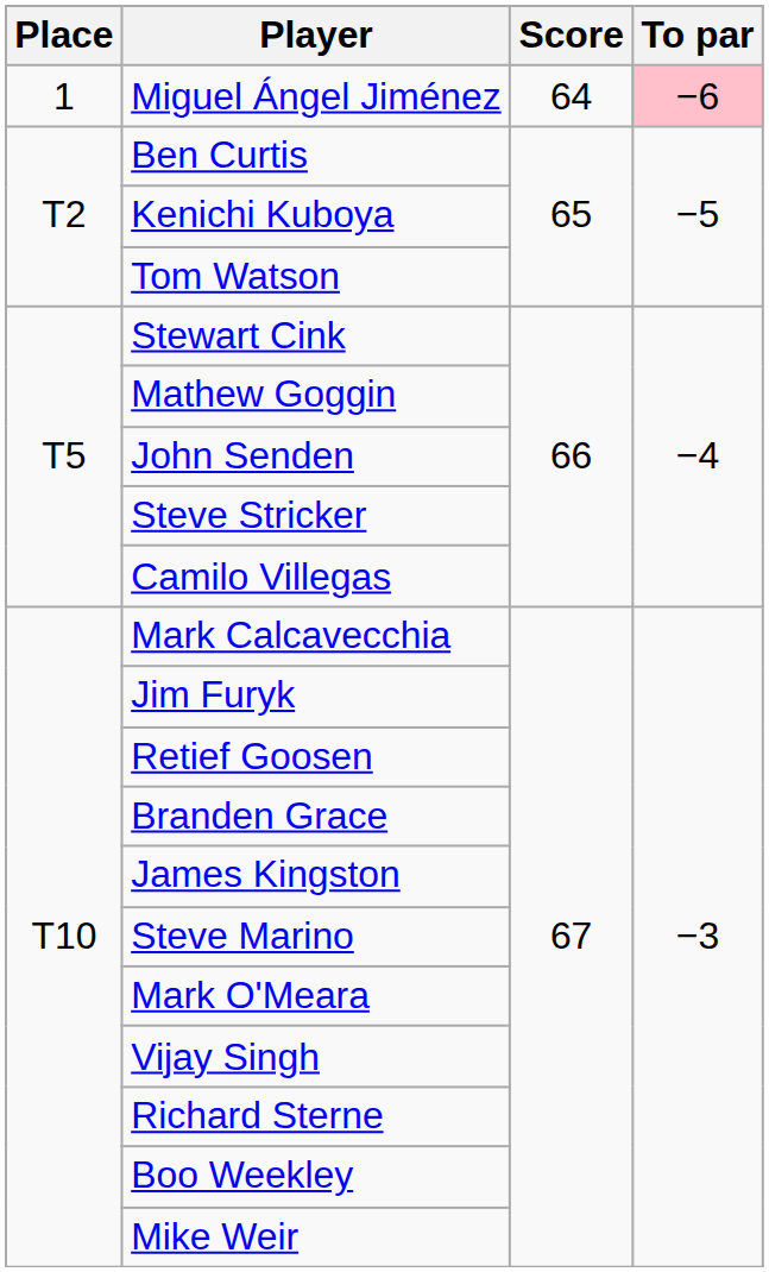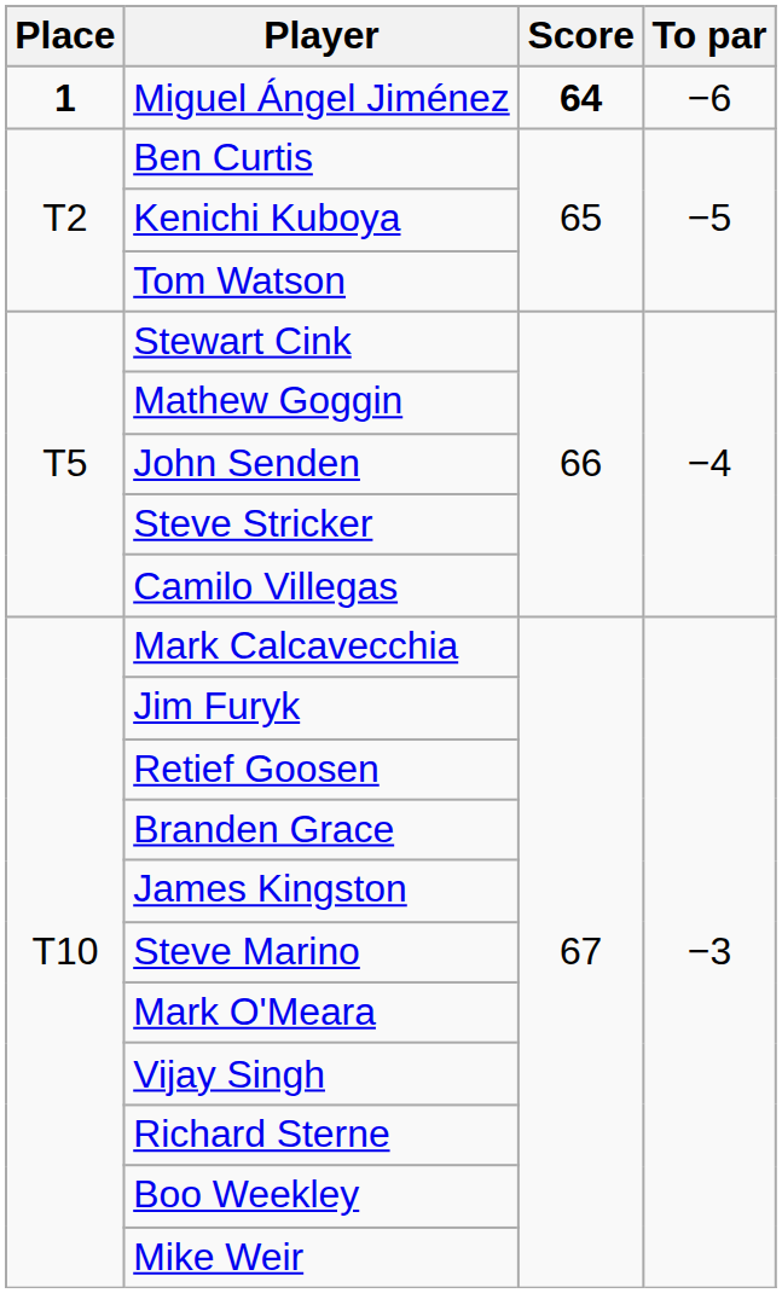 <table class="wikitable">
 <tr>
 <th>Place</th>
 <th>Player</th>
 <th>Score</th>
 <th>To par</th>
 </tr>
 <tr>
-<td align=center>1</td>
+<td align=center><strong>1</strong></td>
 <td> <a href='#'>Miguel Ángel Jiménez</a></td>
-<td align=center>64</td>
-<td rowspan="1" align=center style="background: pink;">−6</td>
+<td align=center><strong>64</strong></td>
+<td rowspan="1" align=center>−6</td>
 </tr>
 <tr>
 <td rowspan="3" align=center>T2</td>
 <td> <a href='#'>Ben Curtis</a></td>
 <td rowspan="3" align=center>65</td>
 <td rowspan="3" align=center>−5</td>
 </tr>
 <tr>
 <td> <a href='#'>Kenichi Kuboya</a></td>
 </tr>
 <tr>
 <td> <a href='#'>Tom Watson</a></td>
 </tr>
 <tr>
 <td rowspan="5" align=center>T5</td>
 <td> <a href='#'>Stewart Cink</a></td>
 <td rowspan="5" align=center>66</td>
 <td rowspan="5" align=center>−4</td>
 </tr>
 <tr>
 <td> <a href='#'>Mathew Goggin</a></td>
 </tr>
 <tr>
 <td> <a href='#'>John Senden</a></td>
 </tr>
 <tr>
 <td> <a href='#'>Steve Stricker</a></td>
 </tr>
 <tr>
 <td> <a href='#'>Camilo Villegas</a></td>
 </tr>
 <tr>
 <td rowspan="11" align=center>T10</td>
 <td> <a href='#'>Mark Calcavecchia</a></td>
 <td rowspan="11" align=center>67</td>
 <td rowspan="11" align=center>−3</td>
 </tr>
 <tr>
 <td> <a href='#'>Jim Furyk</a></td>
 </tr>
 <tr>
 <td> <a href='#'>Retief Goosen</a></td>
 </tr>
 <tr>
 <td> <a href='#'>Branden Grace</a></td>
 </tr>
 <tr>
 <td> <a href='#'>James Kingston</a></td>
 </tr>
 <tr>
 <td> <a href='#'>Steve Marino</a></td>
 </tr>
 <tr>
 <td> <a href='#'>Mark O'Meara</a></td>
 </tr>
 <tr>
 <td> <a href='#'>Vijay Singh</a></td>
 </tr>
 <tr>
 <td> <a href='#'>Richard Sterne</a></td>
 </tr>
 <tr>
 <td> <a href='#'>Boo Weekley</a></td>
 </tr>
 <tr>
 <td> <a href='#'>Mike Weir</a></td>
 </tr>
 </table>
